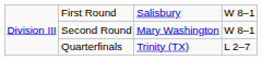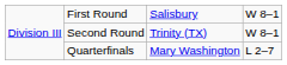 <table class="wikitable">
 <tr>
 <td rowspan="5"><a href='#'>Division III</a></td>
 <td>First Round</td>
 <td><a href='#'>Salisbury</a></td>
 <td>W 8–1</td>
 </tr>
 <tr>
 <td>Second Round</td>
-<td><a href='#'>Mary Washington</a></td>
+<td><a href='#'>Trinity (TX)</a></td>
 <td>W 8–1</td>
 </tr>
 <tr>
 <td>Quarterfinals</td>
-<td><a href='#'>Trinity (TX)</a></td>
+<td><a href='#'>Mary Washington</a></td>
 <td>L 2–7</td>
 </tr>
 </table>
